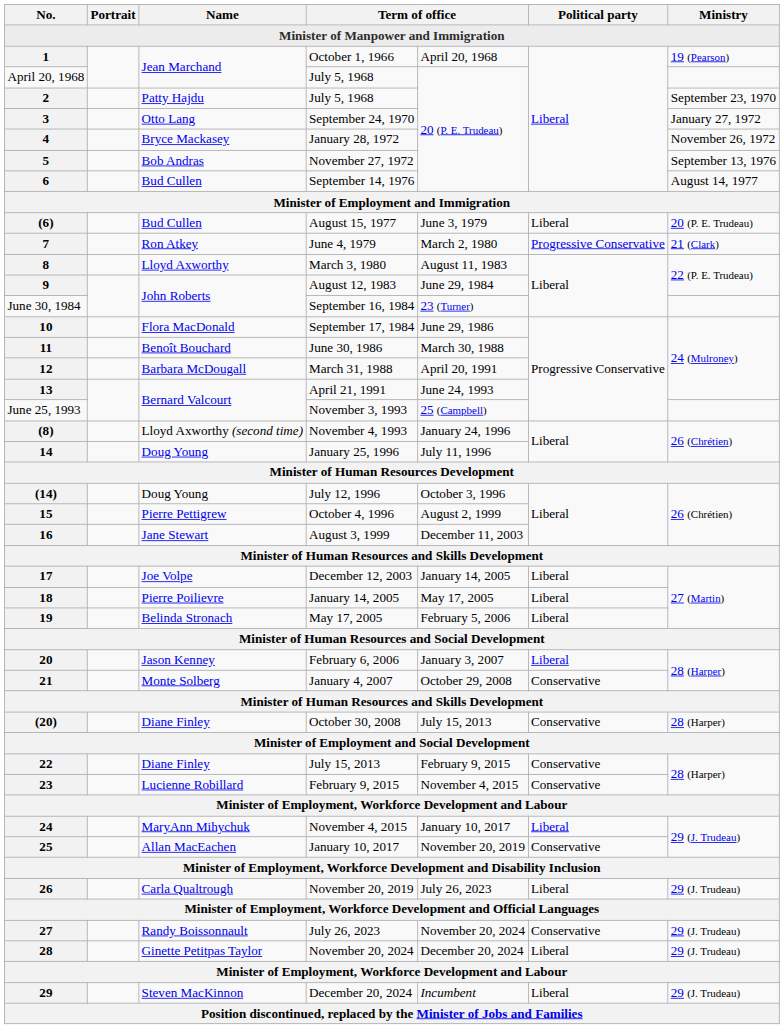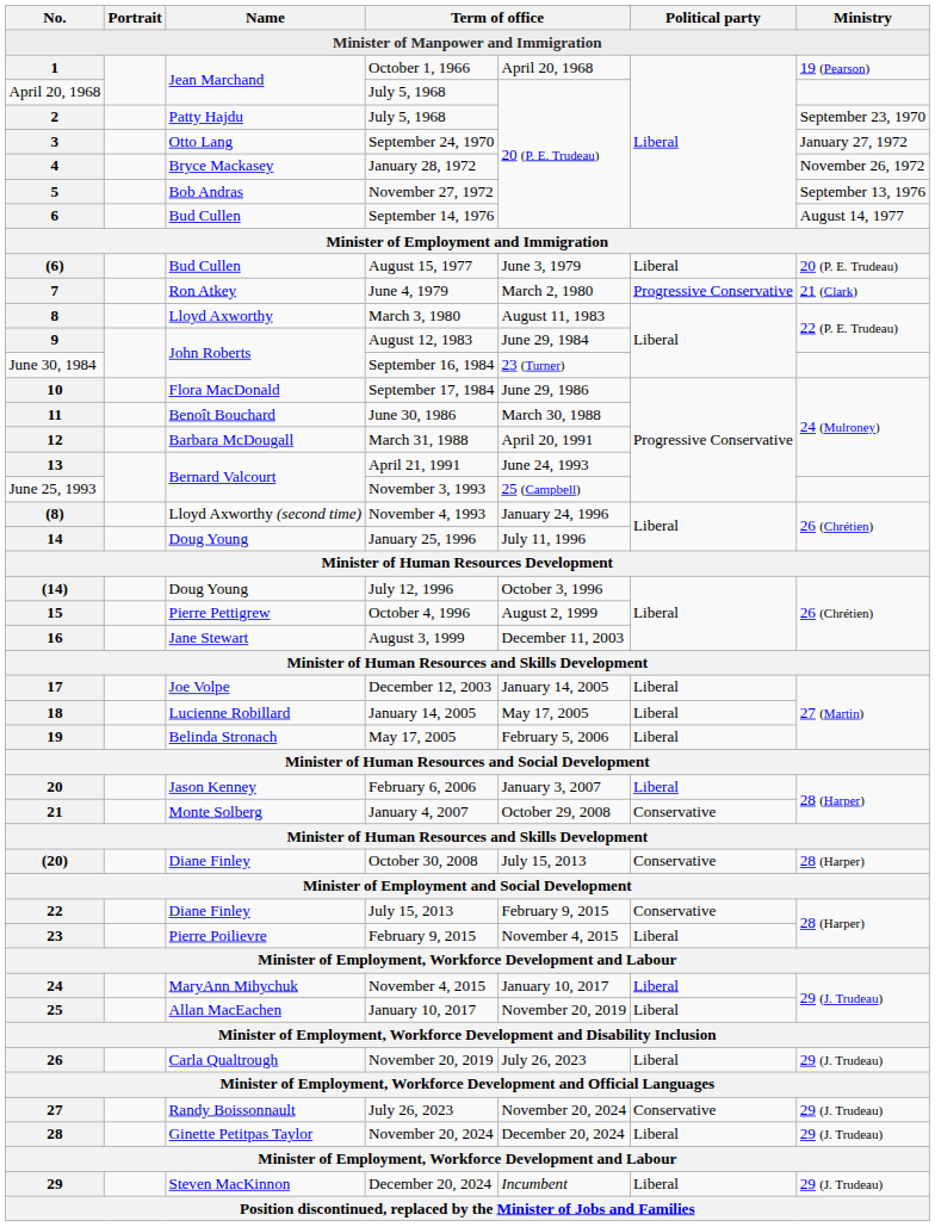 <table class="wikitable">
 <tr>
 <th>No.</th>
 <th>Portrait</th>
 <th>Name</th>
 <th colspan="2">Term of office</th>
 <th>Political party</th>
 <th>Ministry</th>
 </tr>
 <tr>
 <th colspan="7" style="background: #ececec; color: #2C2C2C; vertical-align: middle;">Minister of Manpower and Immigration</th>
 </tr>
 <tr>
 <th scope="row" style="background:">1</th>
 <td rowspan="2"></td>
 <td rowspan="2"><a href='#'>Jean Marchand</a></td>
 <td>October 1, 1966</td>
 <td>April 20, 1968</td>
 <td rowspan="7"><a href='#'>Liberal</a></td>
 <td><a href='#'>19</a> <small>(<a href='#'>Pearson</a>)</small></td>
 </tr>
 <tr>
 <td>April 20, 1968</td>
 <td>July 5, 1968</td>
 <td rowspan="6"><a href='#'>20</a> <small>(<a href='#'>P. E. Trudeau</a>)</small></td>
 </tr>
 <tr>
 <th scope="row" style="background:">2</th>
 <td></td>
 <td><a href='#'>Patty Hajdu</a></td>
 <td>July 5, 1968</td>
 <td>September 23, 1970</td>
 </tr>
 <tr>
 <th scope="row" style="background:">3</th>
 <td></td>
 <td><a href='#'>Otto Lang</a></td>
 <td>September 24, 1970</td>
 <td>January 27, 1972</td>
 </tr>
 <tr>
 <th scope="row" style="background:">4</th>
 <td></td>
 <td><a href='#'>Bryce Mackasey</a></td>
 <td>January 28, 1972</td>
 <td>November 26, 1972</td>
 </tr>
 <tr>
 <th scope="row" style="background:">5</th>
 <td></td>
 <td><a href='#'>Bob Andras</a></td>
 <td>November 27, 1972</td>
 <td>September 13, 1976</td>
 </tr>
 <tr>
 <th scope="row" style="background:">6</th>
 <td></td>
 <td><a href='#'>Bud Cullen</a></td>
 <td>September 14, 1976</td>
 <td>August 14, 1977</td>
 </tr>
 <tr>
 <th colspan="7">Minister of Employment and Immigration</th>
 </tr>
 <tr>
 <th scope="row" style="background:">(6)</th>
 <td></td>
 <td><a href='#'>Bud Cullen</a></td>
 <td>August 15, 1977</td>
 <td>June 3, 1979</td>
 <td>Liberal</td>
 <td><a href='#'>20</a> <small>(P. E. Trudeau)</small></td>
 </tr>
 <tr>
 <th scope="row" style="background:">7</th>
 <td></td>
 <td><a href='#'>Ron Atkey</a></td>
 <td>June 4, 1979</td>
 <td>March 2, 1980</td>
 <td><a href='#'>Progressive Conservative</a></td>
 <td><a href='#'>21</a> <small>(<a href='#'>Clark</a>)</small></td>
 </tr>
 <tr>
 <th scope="row" style="background:">8</th>
 <td></td>
 <td><a href='#'>Lloyd Axworthy</a></td>
 <td>March 3, 1980</td>
 <td>August 11, 1983</td>
 <td rowspan="3">Liberal</td>
 <td rowspan="2"><a href='#'>22</a> <small>(P. E. Trudeau)</small></td>
 </tr>
 <tr>
 <th scope="row" style="background:">9</th>
 <td rowspan="2"></td>
 <td rowspan="2"><a href='#'>John Roberts</a></td>
 <td>August 12, 1983</td>
 <td>June 29, 1984</td>
 </tr>
 <tr>
 <td>June 30, 1984</td>
 <td>September 16, 1984</td>
 <td><a href='#'>23</a> <small>(<a href='#'>Turner</a>)</small></td>
 </tr>
 <tr>
 <th scope="row" style="background:">10</th>
 <td></td>
 <td><a href='#'>Flora MacDonald</a></td>
 <td>September 17, 1984</td>
 <td>June 29, 1986</td>
 <td rowspan="5">Progressive Conservative</td>
 <td rowspan="4"><a href='#'>24</a> <small>(<a href='#'>Mulroney</a>)</small></td>
 </tr>
 <tr>
 <th scope="row" style="background:">11</th>
 <td></td>
 <td><a href='#'>Benoît Bouchard</a></td>
 <td>June 30, 1986</td>
 <td>March 30, 1988</td>
 </tr>
 <tr>
 <th scope="row" style="background:">12</th>
 <td></td>
 <td><a href='#'>Barbara McDougall</a></td>
 <td>March 31, 1988</td>
 <td>April 20, 1991</td>
 </tr>
 <tr>
 <th scope="row" style="background:">13</th>
 <td rowspan="2"></td>
 <td rowspan="2"><a href='#'>Bernard Valcourt</a></td>
 <td>April 21, 1991</td>
 <td>June 24, 1993</td>
 </tr>
 <tr>
 <td>June 25, 1993</td>
 <td>November 3, 1993</td>
 <td><a href='#'>25</a> <small>(<a href='#'>Campbell</a>)</small></td>
 </tr>
 <tr>
 <th scope="row" style="background:">(8)</th>
 <td></td>
 <td>Lloyd Axworthy <em>(second time)</em></td>
 <td>November 4, 1993</td>
 <td>January 24, 1996</td>
 <td rowspan="2">Liberal</td>
 <td rowspan="2"><a href='#'>26</a> <small>(<a href='#'>Chrétien</a>)</small></td>
 </tr>
 <tr>
 <th scope="row" style="background:">14</th>
 <td></td>
 <td><a href='#'>Doug Young</a></td>
 <td>January 25, 1996</td>
 <td>July 11, 1996</td>
 </tr>
 <tr>
 <th colspan="7">Minister of Human Resources Development</th>
 </tr>
 <tr>
 <th scope="row" style="background:">(14)</th>
 <td></td>
 <td>Doug Young</td>
 <td>July 12, 1996</td>
 <td>October 3, 1996</td>
 <td rowspan="3">Liberal</td>
 <td rowspan="3"><a href='#'>26</a> <small>(Chrétien)</small></td>
 </tr>
 <tr>
 <th scope="row" style="background:">15</th>
 <td></td>
 <td><a href='#'>Pierre Pettigrew</a></td>
 <td>October 4, 1996</td>
 <td>August 2, 1999</td>
 </tr>
 <tr>
 <th scope="row" style="background:">16</th>
 <td></td>
 <td><a href='#'>Jane Stewart</a></td>
 <td>August 3, 1999</td>
 <td>December 11, 2003</td>
 </tr>
 <tr>
 <th colspan="7">Minister of Human Resources and Skills Development</th>
 </tr>
 <tr>
 <th scope="row" style="background:">17</th>
 <td></td>
 <td><a href='#'>Joe Volpe</a></td>
 <td>December 12, 2003</td>
 <td>January 14, 2005</td>
 <td>Liberal</td>
 <td rowspan="3"><a href='#'>27</a> <small>(<a href='#'>Martin</a>)</small></td>
 </tr>
 <tr>
 <th scope="row" style="background:">18</th>
 <td></td>
-<td><a href='#'>Pierre Poilievre</a></td>
+<td><a href='#'>Lucienne Robillard</a></td>
 <td>January 14, 2005</td>
 <td>May 17, 2005</td>
 <td>Liberal</td>
 </tr>
 <tr>
 <th scope="row" style="background:">19</th>
 <td></td>
 <td><a href='#'>Belinda Stronach</a></td>
 <td>May 17, 2005</td>
 <td>February 5, 2006</td>
 <td>Liberal</td>
 </tr>
 <tr>
 <th colspan="7">Minister of Human Resources and Social Development</th>
 </tr>
 <tr>
 <th scope="row" style="background:">20</th>
 <td></td>
 <td><a href='#'>Jason Kenney</a></td>
 <td>February 6, 2006</td>
 <td>January 3, 2007</td>
 <td><a href='#'>Liberal</a></td>
 <td rowspan="2"><a href='#'>28</a> <small>(<a href='#'>Harper</a>)</small></td>
 </tr>
 <tr>
 <th scope="row" style="background:">21</th>
 <td></td>
 <td><a href='#'>Monte Solberg</a></td>
 <td>January 4, 2007</td>
 <td>October 29, 2008</td>
 <td>Conservative</td>
 </tr>
 <tr>
 <th colspan="7">Minister of Human Resources and Skills Development</th>
 </tr>
 <tr>
 <th scope="row" style="background:">(20)</th>
 <td></td>
 <td><a href='#'>Diane Finley</a></td>
 <td>October 30, 2008</td>
 <td>July 15, 2013</td>
 <td>Conservative</td>
 <td rowspan="1"><a href='#'>28</a> <small>(Harper)</small></td>
 </tr>
 <tr>
 <th colspan="7">Minister of Employment and Social Development</th>
 </tr>
 <tr>
 <th scope="row" style="background:">22</th>
 <td></td>
 <td><a href='#'>Diane Finley</a></td>
 <td>July 15, 2013</td>
 <td>February 9, 2015</td>
 <td>Conservative</td>
 <td rowspan="2"><a href='#'>28</a> <small>(Harper)</small></td>
 </tr>
 <tr>
 <th scope="row" style="background:">23</th>
 <td></td>
-<td><a href='#'>Lucienne Robillard</a></td>
+<td><a href='#'>Pierre Poilievre</a></td>
 <td>February 9, 2015</td>
 <td>November 4, 2015</td>
-<td>Conservative</td>
+<td>Liberal</td>
 </tr>
 <tr>
 <th colspan="7" scope="row">Minister of Employment, Workforce Development and Labour</th>
 </tr>
 <tr>
 <th scope="row" style="background:">24</th>
 <td></td>
 <td><a href='#'>MaryAnn Mihychuk</a></td>
 <td>November 4, 2015</td>
 <td>January 10, 2017</td>
 <td><a href='#'>Liberal</a></td>
 <td rowspan="2"><a href='#'>29</a> <small>(<a href='#'>J. Trudeau</a>)</small></td>
 </tr>
 <tr>
 <th scope="row" style="background:">25</th>
 <td></td>
 <td><a href='#'>Allan MacEachen</a></td>
 <td>January 10, 2017</td>
 <td>November 20, 2019</td>
-<td>Conservative</td>
+<td>Liberal</td>
 </tr>
 <tr>
 <th colspan="7">Minister of Employment, Workforce Development and Disability Inclusion</th>
 </tr>
 <tr>
 <th scope="row" style="background:">26</th>
 <td></td>
 <td><a href='#'>Carla Qualtrough</a></td>
 <td>November 20, 2019</td>
 <td>July 26, 2023</td>
 <td>Liberal</td>
 <td><a href='#'>29</a> <small>(J. Trudeau)</small></td>
 </tr>
 <tr>
 <th colspan="7">Minister of Employment, Workforce Development and Official Languages</th>
 </tr>
 <tr>
 <th scope="row" style="background:">27</th>
 <td></td>
 <td><a href='#'>Randy Boissonnault</a></td>
 <td>July 26, 2023</td>
 <td>November 20, 2024</td>
 <td>Conservative</td>
 <td><a href='#'>29</a> <small>(J. Trudeau)</small></td>
 </tr>
 <tr>
 <th scope="row" style="background:">28</th>
 <td></td>
 <td><a href='#'>Ginette Petitpas Taylor</a></td>
 <td>November 20, 2024</td>
 <td>December 20, 2024</td>
 <td>Liberal</td>
 <td><a href='#'>29</a> <small>(J. Trudeau)</small></td>
 </tr>
 <tr>
 <th colspan="7">Minister of Employment, Workforce Development and Labour</th>
 </tr>
 <tr>
 <th scope="row" style="background:">29</th>
 <td></td>
 <td><a href='#'>Steven MacKinnon</a></td>
 <td>December 20, 2024</td>
 <td><em>Incumbent</em></td>
 <td>Liberal</td>
 <td><a href='#'>29</a> <small>(J. Trudeau)</small></td>
 </tr>
 <tr>
 <th colspan=7>Position discontinued, replaced by the <a href='#'>Minister of Jobs and Families</a></th>
 </tr>
 </table>
